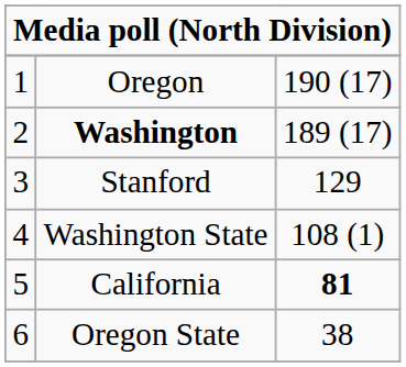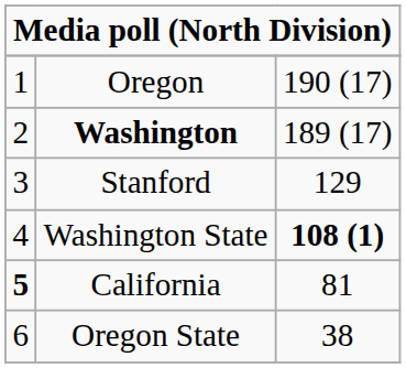 <table class="wikitable" style="display: inline-table;">
 <tr>
 <td align="center" Colspan="3"><strong>Media poll (North Division)</strong></td>
 </tr>
 <tr align="center">
 </tr>
 <tr align="center">
 <td>1</td>
 <td>Oregon</td>
 <td>190 (17)</td>
 </tr>
 <tr align="center">
 <td>2</td>
 <td><strong>Washington</strong></td>
 <td>189 (17)</td>
 </tr>
 <tr align="center">
 <td>3</td>
 <td>Stanford</td>
 <td>129</td>
 </tr>
 <tr align="center">
 <td>4</td>
 <td>Washington State</td>
-<td>108 (1)</td>
+<td><strong>108 (1)</strong></td>
 </tr>
 <tr align="center">
-<td>5</td>
+<td><strong>5</strong></td>
 <td>California</td>
-<td><strong>81</strong></td>
+<td>81</td>
 </tr>
 <tr align="center">
 <td>6</td>
 <td>Oregon State</td>
 <td>38</td>
 </tr>
 </table>
